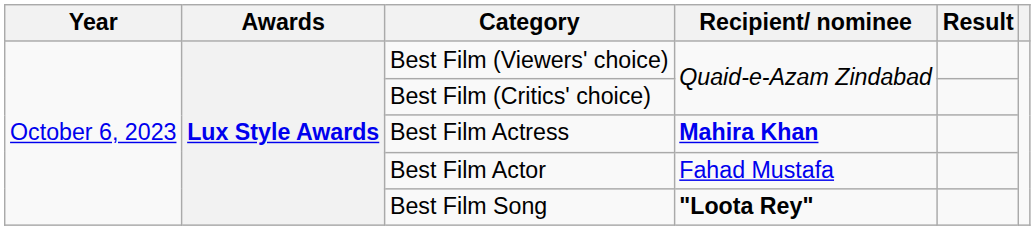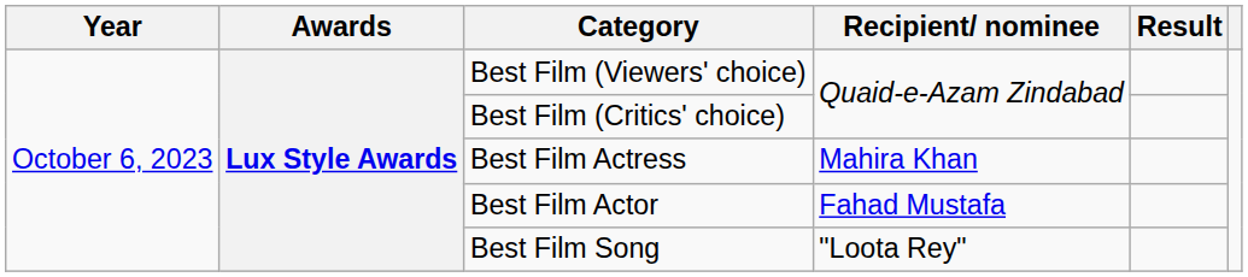 <table class="wikitable plainrowheaders">
 <tr>
 <th>Year</th>
 <th>Awards</th>
 <th>Category</th>
 <th>Recipient/ nominee</th>
 <th>Result</th>
 <th></th>
 </tr>
 <tr>
 <td rowspan="5"><a href='#'>October 6, 2023</a></td>
 <th rowspan="5" scope="row"><a href='#'>Lux Style Awards</a></th>
 <td>Best Film (Viewers' choice)</td>
 <td rowspan="2"><em>Quaid-e-Azam Zindabad</em></td>
 <td></td>
 <td rowspan="5"></td>
 </tr>
 <tr>
 <td>Best Film (Critics' choice)</td>
 <td></td>
 </tr>
 <tr>
 <td>Best Film Actress</td>
-<td><strong><a href='#'>Mahira Khan</a></strong></td>
+<td><a href='#'>Mahira Khan</a></td>
 <td></td>
 </tr>
 <tr>
 <td>Best Film Actor</td>
 <td><a href='#'>Fahad Mustafa</a></td>
 <td></td>
 </tr>
 <tr>
 <td>Best Film Song</td>
-<td><strong>"Loota Rey"</strong></td>
+<td>"Loota Rey"</td>
 <td></td>
 </tr>
 </table>
